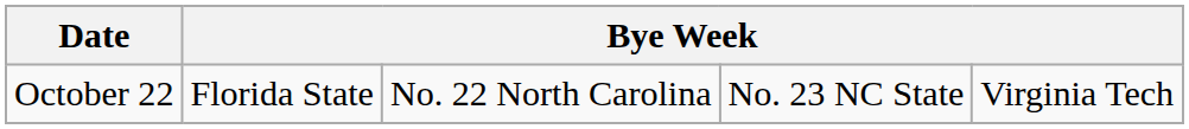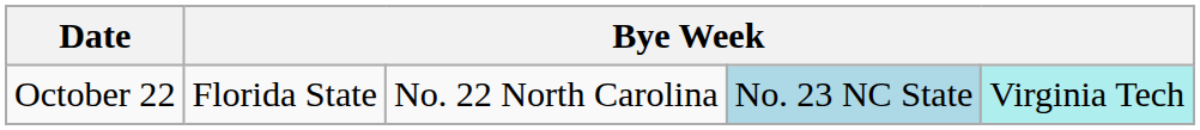 <table class="wikitable" style="font-size:95%;">
 <tr>
 <th>Date</th>
 <th colspan="5">Bye Week</th>
 </tr>
 <tr>
 <td>October 22</td>
 <td>Florida State</td>
 <td>No. 22 North Carolina</td>
-<td>No. 23 NC State</td>
-<td>Virginia Tech</td>
+<td style="background: lightblue;">No. 23 NC State</td>
+<td style="background: paleturquoise;">Virginia Tech</td>
 </tr>
 </table>
